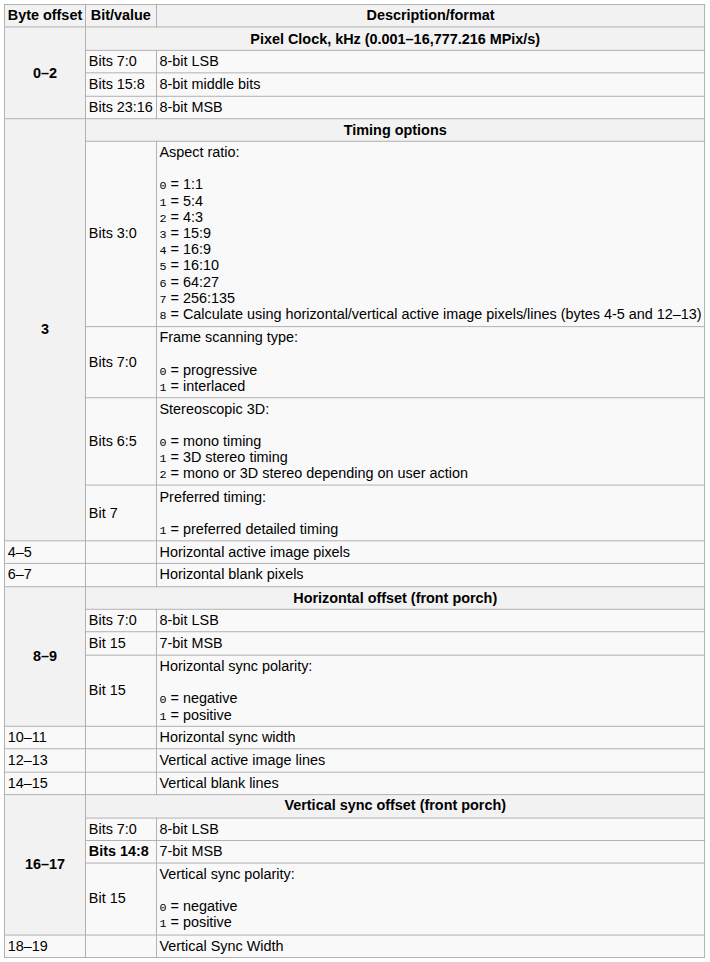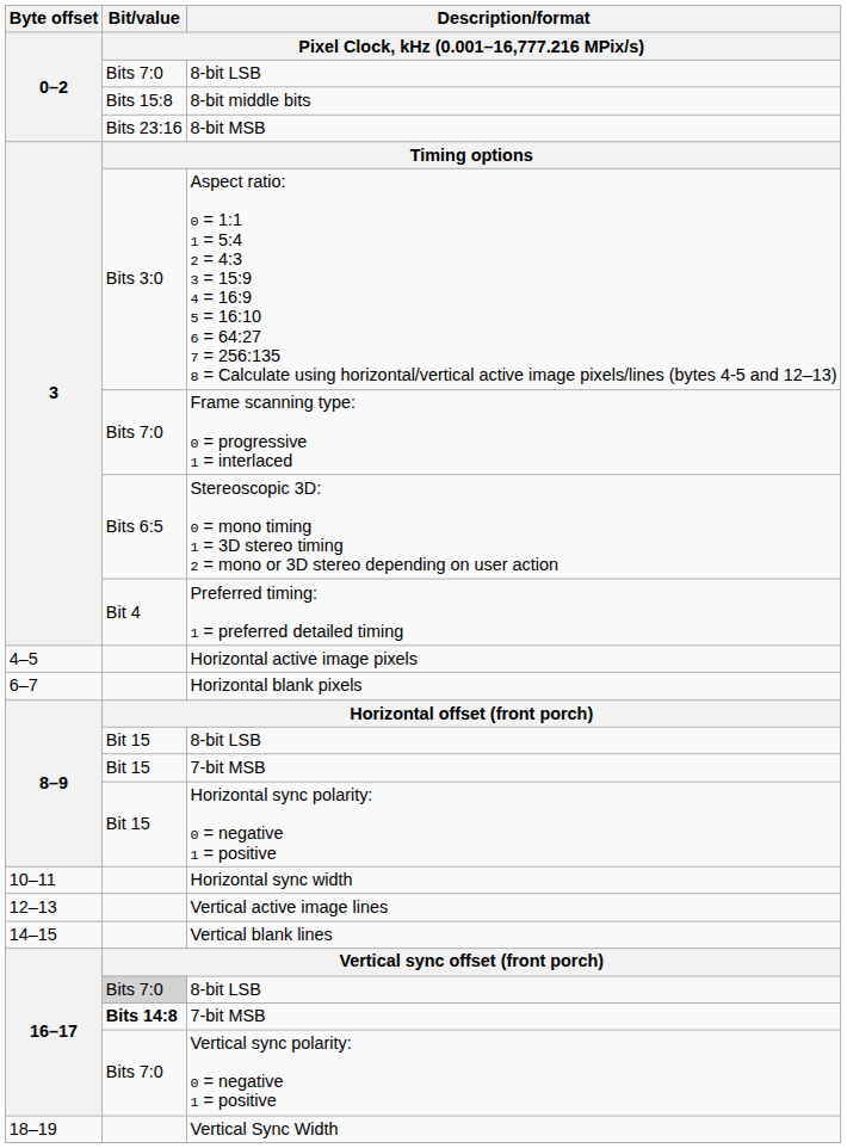 <table class=wikitable>
 <tr>
 <th>Byte offset</th>
 <th>Bit/value</th>
 <th>Description/format</th>
 </tr>
 <tr>
 <th rowspan=4>0–2</th>
 <th colspan=2>Pixel Clock, kHz (0.001–16,777.216 MPix/s)</th>
 </tr>
 <tr>
 <td>Bits 7:0</td>
 <td>8-bit LSB</td>
 </tr>
 <tr>
 <td>Bits 15:8</td>
 <td>8-bit middle bits</td>
 </tr>
 <tr>
 <td>Bits 23:16</td>
 <td>8-bit MSB</td>
 </tr>
 <tr>
 <th rowspan=5>3</th>
 <th colspan=2>Timing options</th>
 </tr>
 <tr>
 <td>Bits 3:0</td>
 <td>Aspect ratio:<br><br><code>0</code> = 1:1<br> <code>1</code> = 5:4<br> <code>2</code> = 4:3<br> <code>3</code> = 15:9<br> <code>4</code> = 16:9<br> <code>5</code> = 16:10<br> <code>6</code> = 64:27<br> <code>7</code> = 256:135<br> <code>8</code> = Calculate using horizontal/vertical active image pixels/lines (bytes 4-5 and 12–13)</td>
 </tr>
 <tr>
 <td>Bits 7:0</td>
 <td>Frame scanning type:<br><br><code>0</code> = progressive<br> <code>1</code> = interlaced</td>
 </tr>
 <tr>
 <td>Bits 6:5</td>
 <td>Stereoscopic 3D:<br><br><code>0</code> = mono timing<br> <code>1</code> = 3D stereo timing<br> <code>2</code> = mono or 3D stereo depending on user action</td>
 </tr>
 <tr>
-<td>Bit 7</td>
+<td>Bit 4</td>
 <td>Preferred timing:<br><br><code>1</code> = preferred detailed timing<br></td>
 </tr>
 <tr>
 <td>4–5</td>
 <td></td>
 <td>Horizontal active image pixels</td>
 </tr>
 <tr>
 <td>6–7</td>
 <td></td>
 <td>Horizontal blank pixels</td>
 </tr>
 <tr>
 <th rowspan=4>8–9</th>
 <th colspan=2>Horizontal offset (front porch)</th>
 </tr>
 <tr>
-<td>Bits 7:0</td>
+<td>Bit 15</td>
 <td>8-bit LSB</td>
 </tr>
 <tr>
 <td>Bit 15</td>
 <td>7-bit MSB</td>
 </tr>
 <tr>
 <td>Bit 15</td>
 <td>Horizontal sync polarity:<br><br><code>0</code> = negative<br> <code>1</code> = positive</td>
 </tr>
 <tr>
 <td>10–11</td>
 <td></td>
 <td>Horizontal sync width</td>
 </tr>
 <tr>
 <td>12–13</td>
 <td></td>
 <td>Vertical active image lines</td>
 </tr>
 <tr>
 <td>14–15</td>
 <td></td>
 <td>Vertical blank lines</td>
 </tr>
 <tr>
 <th rowspan=4>16–17</th>
 <th colspan=2>Vertical sync offset (front porch)</th>
 </tr>
 <tr>
-<td>Bits 7:0</td>
+<td style="background: lightgrey;">Bits 7:0</td>
 <td>8-bit LSB</td>
 </tr>
 <tr>
 <td><strong>Bits 14:8</strong></td>
 <td>7-bit MSB</td>
 </tr>
 <tr>
-<td>Bit 15</td>
+<td>Bits 7:0</td>
 <td>Vertical sync polarity:<br><br><code>0</code> = negative<br> <code>1</code> = positive</td>
 </tr>
 <tr>
 <td>18–19</td>
 <td></td>
 <td>Vertical Sync Width</td>
 </tr>
 </table>
